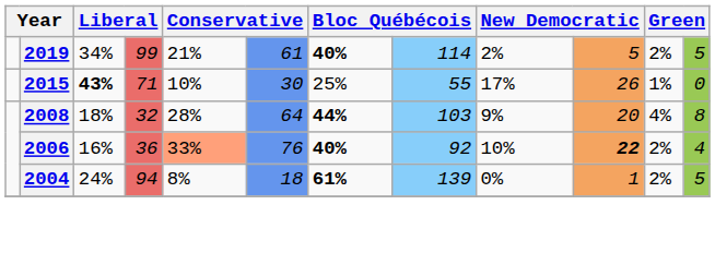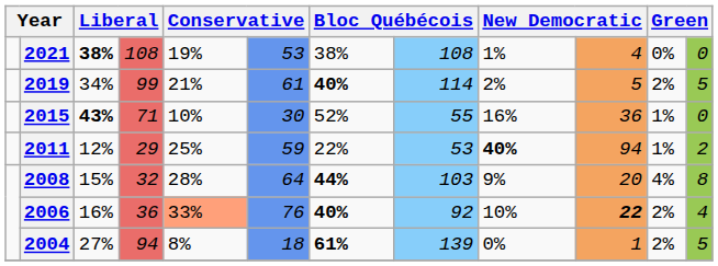 <table class="wikitable" style="float:right; width:400; font-size:90%; margin-left:1em;">
 <tr>
 <th colspan="2" scope="col">Year</th>
 <th colspan="2" scope="col"><a href='#'>Liberal</a></th>
 <th colspan="2" scope="col"><a href='#'>Conservative</a></th>
 <th colspan="2" scope="col"><a href='#'>Bloc Québécois</a></th>
 <th colspan="2" scope="col"><a href='#'>New Democratic</a></th>
 <th colspan="2" scope="col"><a href='#'>Green</a></th>
+</tr>
+<tr>
+<td style="width: 0.25em; background-color: "></td>
+<th><a href='#'>2021</a></th>
+<td><strong>38%</strong></td>
+<td style="text-align:right; background:#EA6D6A;"><em>108</em></td>
+<td>19%</td>
+<td style="text-align:right; background:#6495ED;"><em>53</em></td>
+<td>38%</td>
+<td style="text-align:right; background:#87CEFA;"><em>108</em></td>
+<td>1%</td>
+<td style="text-align:right; background:#F4A460;"><em>4</em></td>
+<td>0%</td>
+<td style="text-align:right; background:#99C955;"><em>0</em></td>
 </tr>
 <tr>
 <td style="width: 0.25em; background-color: "></td>
 <th><a href='#'>2019</a></th>
 <td>34%</td>
 <td style="text-align:right; background:#EA6D6A;"><em>99</em></td>
 <td>21%</td>
 <td style="text-align:right; background:#6495ED;"><em>61</em></td>
 <td><strong>40%</strong></td>
 <td style="text-align:right; background:#87CEFA;"><em>114</em></td>
 <td>2%</td>
 <td style="text-align:right; background:#F4A460;"><em>5</em></td>
 <td>2%</td>
 <td style="text-align:right; background:#99C955;"><em>5</em></td>
 </tr>
 <tr>
 <td style="width: 0.25em; background-color: "></td>
 <th><a href='#'>2015</a></th>
 <td><strong>43%</strong></td>
 <td style="text-align:right; background:#EA6D6A;"><em>71</em></td>
 <td>10%</td>
 <td style="text-align:right; background:#6495ED;"><em>30</em></td>
-<td>25%</td>
+<td>52%</td>
 <td style="text-align:right; background:#87CEFA;"><em>55</em></td>
-<td>17%</td>
-<td style="text-align:right; background:#F4A460;"><em>26</em></td>
+<td>16%</td>
+<td style="text-align:right; background:#F4A460;"><em>36</em></td>
 <td>1%</td>
 <td style="text-align:right; background:#99C955;"><em>0</em></td>
 </tr>
 <tr>
+<td style="width: 0.25em; background-color: "></td>
+<th><a href='#'>2011</a></th>
+<td>12%</td>
+<td style="text-align:right; background:#EA6D6A;"><em>29</em></td>
+<td>25%</td>
+<td style="text-align:right; background:#6495ED;"><em>59</em></td>
+<td>22%</td>
+<td style="text-align:right; background:#87CEFA;"><em>53</em></td>
+<td><strong>40%</strong></td>
+<td style="text-align:right; background:#F4A460;"><em>94</em></td>
+<td>1%</td>
+<td style="text-align:right; background:#99C955;"><em>2</em></td>
+</tr>
+<tr>
 <td rowspan="3" style="width: 0.25em; background-color: "></td>
 <th><a href='#'>2008</a></th>
-<td>18%</td>
+<td>15%</td>
 <td style="text-align:right; background:#EA6D6A;"><em>32</em></td>
 <td>28%</td>
 <td style="text-align:right; background:#6495ED;"><em>64</em></td>
 <td><strong>44%</strong></td>
 <td style="text-align:right; background:#87CEFA;"><em>103</em></td>
 <td>9%</td>
 <td style="text-align:right; background:#F4A460;"><em>20</em></td>
 <td>4%</td>
 <td style="text-align:right; background:#99C955;"><em>8</em></td>
 </tr>
 <tr>
 <th><a href='#'>2006</a></th>
 <td>16%</td>
 <td style="text-align:right; background:#EA6D6A;"><em>36</em></td>
 <td style="background: lightsalmon;">33%</td>
 <td style="text-align:right; background:#6495ED;"><em>76</em></td>
 <td><strong>40%</strong></td>
 <td style="text-align:right; background:#87CEFA;"><em>92</em></td>
 <td>10%</td>
 <td style="text-align:right; background:#F4A460;"><strong><em>22</em></strong></td>
 <td>2%</td>
 <td style="text-align:right; background:#99C955;"><em>4</em></td>
 </tr>
 <tr>
 <th><a href='#'>2004</a></th>
-<td>24%</td>
+<td>27%</td>
 <td style="text-align:right; background:#EA6D6A;"><em>94</em></td>
 <td>8%</td>
 <td style="text-align:right; background:#6495ED;"><em>18</em></td>
 <td><strong>61%</strong></td>
 <td style="text-align:right; background:#87CEFA;"><em>139</em></td>
 <td>0%</td>
 <td style="text-align:right; background:#F4A460;"><em>1</em></td>
 <td>2%</td>
 <td style="text-align:right; background:#99C955;"><em>5</em></td>
 </tr>
 <tr>
 </tr>
 </table>
